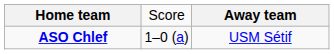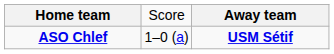 <table class="wikitable" style="text-align:center">
 <tr>
 <th style="width:150px;">Home team</th>
 <td>Score</td>
 <th style="width:150px;">Away team</th>
 </tr>
 <tr>
 <td><strong><a href='#'>ASO Chlef</a></strong></td>
 <td>1–0 (<a href='#'>a</a>)</td>
-<td><a href='#'>USM Sétif</a></td>
+<td><strong><a href='#'>USM Sétif</a></strong></td>
 </tr>
 </table>
